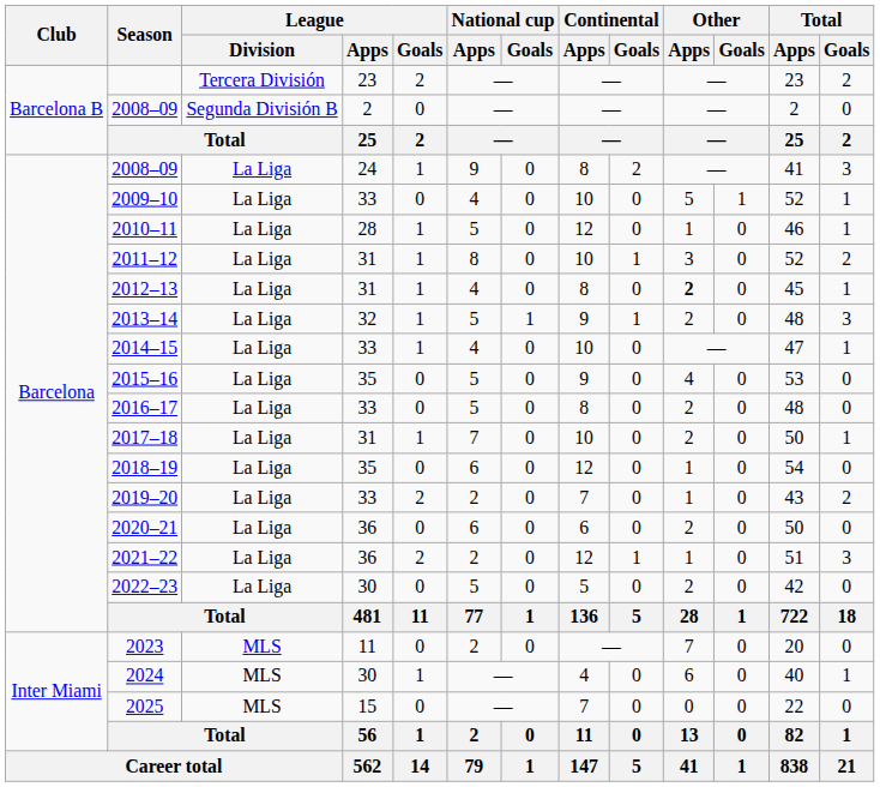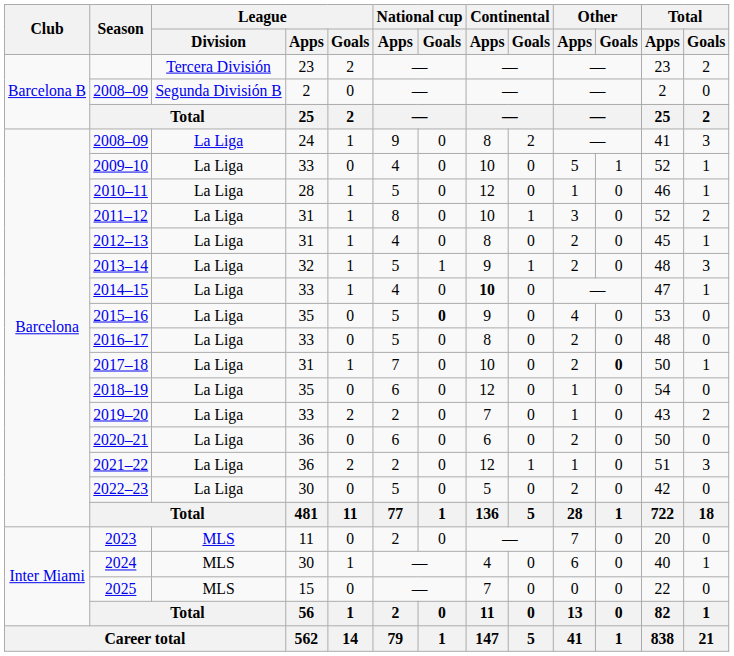 <table class=wikitable style=text-align:center>
 <tr>
 <th rowspan=2>Club</th>
 <th rowspan=2>Season</th>
 <th colspan=3>League</th>
 <th colspan=2>National cup</th>
 <th colspan=2>Continental</th>
 <th colspan=2>Other</th>
 <th colspan=2>Total</th>
 </tr>
 <tr>
 <th>Division</th>
 <th>Apps</th>
 <th>Goals</th>
 <th>Apps</th>
 <th>Goals</th>
 <th>Apps</th>
 <th>Goals</th>
 <th>Apps</th>
 <th>Goals</th>
 <th>Apps</th>
 <th>Goals</th>
 </tr>
 <tr>
 <td rowspan=3><a href='#'>Barcelona B</a></td>
 <td></td>
 <td><a href='#'>Tercera División</a></td>
 <td>23</td>
 <td>2</td>
 <td colspan=2>—</td>
 <td colspan=2>—</td>
 <td colspan=2>—</td>
 <td>23</td>
 <td>2</td>
 </tr>
 <tr>
 <td><a href='#'>2008–09</a></td>
 <td><a href='#'>Segunda División B</a></td>
 <td>2</td>
 <td>0</td>
 <td colspan=2>—</td>
 <td colspan=2>—</td>
 <td colspan=2>—</td>
 <td>2</td>
 <td>0</td>
 </tr>
 <tr>
 <th colspan=2>Total</th>
 <th>25</th>
 <th>2</th>
 <th colspan=2>—</th>
 <th colspan=2>—</th>
 <th colspan=2>—</th>
 <th>25</th>
 <th>2</th>
 </tr>
 <tr>
 <td rowspan=16><a href='#'>Barcelona</a></td>
 <td><a href='#'>2008–09</a></td>
 <td><a href='#'>La Liga</a></td>
 <td>24</td>
 <td>1</td>
 <td>9</td>
 <td>0</td>
 <td>8</td>
 <td>2</td>
 <td colspan=2>—</td>
 <td>41</td>
 <td>3</td>
 </tr>
 <tr>
 <td><a href='#'>2009–10</a></td>
 <td>La Liga</td>
 <td>33</td>
 <td>0</td>
 <td>4</td>
 <td>0</td>
 <td>10</td>
 <td>0</td>
 <td>5</td>
 <td>1</td>
 <td>52</td>
 <td>1</td>
 </tr>
 <tr>
 <td><a href='#'>2010–11</a></td>
 <td>La Liga</td>
 <td>28</td>
 <td>1</td>
 <td>5</td>
 <td>0</td>
 <td>12</td>
 <td>0</td>
 <td>1</td>
 <td>0</td>
 <td>46</td>
 <td>1</td>
 </tr>
 <tr>
 <td><a href='#'>2011–12</a></td>
 <td>La Liga</td>
 <td>31</td>
 <td>1</td>
 <td>8</td>
 <td>0</td>
 <td>10</td>
 <td>1</td>
 <td>3</td>
 <td>0</td>
 <td>52</td>
 <td>2</td>
 </tr>
 <tr>
 <td><a href='#'>2012–13</a></td>
 <td>La Liga</td>
 <td>31</td>
 <td>1</td>
 <td>4</td>
 <td>0</td>
 <td>8</td>
 <td>0</td>
-<td><strong>2</strong></td>
+<td>2</td>
 <td>0</td>
 <td>45</td>
 <td>1</td>
 </tr>
 <tr>
 <td><a href='#'>2013–14</a></td>
 <td>La Liga</td>
 <td>32</td>
 <td>1</td>
 <td>5</td>
 <td>1</td>
 <td>9</td>
 <td>1</td>
 <td>2</td>
 <td>0</td>
 <td>48</td>
 <td>3</td>
 </tr>
 <tr>
 <td><a href='#'>2014–15</a></td>
 <td>La Liga</td>
 <td>33</td>
 <td>1</td>
 <td>4</td>
 <td>0</td>
-<td>10</td>
+<td><strong>10</strong></td>
 <td>0</td>
 <td colspan=2>—</td>
 <td>47</td>
 <td>1</td>
 </tr>
 <tr>
 <td><a href='#'>2015–16</a></td>
 <td>La Liga</td>
 <td>35</td>
 <td>0</td>
 <td>5</td>
-<td>0</td>
+<td><strong>0</strong></td>
 <td>9</td>
 <td>0</td>
 <td>4</td>
 <td>0</td>
 <td>53</td>
 <td>0</td>
 </tr>
 <tr>
 <td><a href='#'>2016–17</a></td>
 <td>La Liga</td>
 <td>33</td>
 <td>0</td>
 <td>5</td>
 <td>0</td>
 <td>8</td>
 <td>0</td>
 <td>2</td>
 <td>0</td>
 <td>48</td>
 <td>0</td>
 </tr>
 <tr>
 <td><a href='#'>2017–18</a></td>
 <td>La Liga</td>
 <td>31</td>
 <td>1</td>
 <td>7</td>
 <td>0</td>
 <td>10</td>
 <td>0</td>
 <td>2</td>
-<td>0</td>
+<td><strong>0</strong></td>
 <td>50</td>
 <td>1</td>
 </tr>
 <tr>
 <td><a href='#'>2018–19</a></td>
 <td>La Liga</td>
 <td>35</td>
 <td>0</td>
 <td>6</td>
 <td>0</td>
 <td>12</td>
 <td>0</td>
 <td>1</td>
 <td>0</td>
 <td>54</td>
 <td>0</td>
 </tr>
 <tr>
 <td><a href='#'>2019–20</a></td>
 <td>La Liga</td>
 <td>33</td>
 <td>2</td>
 <td>2</td>
 <td>0</td>
 <td>7</td>
 <td>0</td>
 <td>1</td>
 <td>0</td>
 <td>43</td>
 <td>2</td>
 </tr>
 <tr>
 <td><a href='#'>2020–21</a></td>
 <td>La Liga</td>
 <td>36</td>
 <td>0</td>
 <td>6</td>
 <td>0</td>
 <td>6</td>
 <td>0</td>
 <td>2</td>
 <td>0</td>
 <td>50</td>
 <td>0</td>
 </tr>
 <tr>
 <td><a href='#'>2021–22</a></td>
 <td>La Liga</td>
 <td>36</td>
 <td>2</td>
 <td>2</td>
 <td>0</td>
 <td>12</td>
 <td>1</td>
 <td>1</td>
 <td>0</td>
 <td>51</td>
 <td>3</td>
 </tr>
 <tr>
 <td><a href='#'>2022–23</a></td>
 <td>La Liga</td>
 <td>30</td>
 <td>0</td>
 <td>5</td>
 <td>0</td>
 <td>5</td>
 <td>0</td>
 <td>2</td>
 <td>0</td>
 <td>42</td>
 <td>0</td>
 </tr>
 <tr>
 <th colspan=2>Total</th>
 <th>481</th>
 <th>11</th>
 <th>77</th>
 <th>1</th>
 <th>136</th>
 <th>5</th>
 <th>28</th>
 <th>1</th>
 <th>722</th>
 <th>18</th>
 </tr>
 <tr>
 <td rowspan=4><a href='#'>Inter Miami</a></td>
 <td><a href='#'>2023</a></td>
 <td><a href='#'>MLS</a></td>
 <td>11</td>
 <td>0</td>
 <td>2</td>
 <td>0</td>
 <td colspan=2>—</td>
 <td>7</td>
 <td>0</td>
 <td>20</td>
 <td>0</td>
 </tr>
 <tr>
 <td><a href='#'>2024</a></td>
 <td>MLS</td>
 <td>30</td>
 <td>1</td>
 <td colspan=2>—</td>
 <td>4</td>
 <td>0</td>
 <td>6</td>
 <td>0</td>
 <td>40</td>
 <td>1</td>
 </tr>
 <tr>
 <td><a href='#'>2025</a></td>
 <td>MLS</td>
 <td>15</td>
 <td>0</td>
 <td colspan=2>—</td>
 <td>7</td>
 <td>0</td>
 <td>0</td>
 <td>0</td>
 <td>22</td>
 <td>0</td>
 </tr>
 <tr>
 <th colspan=2>Total</th>
 <th>56</th>
 <th>1</th>
 <th>2</th>
 <th>0</th>
 <th>11</th>
 <th>0</th>
 <th>13</th>
 <th>0</th>
 <th>82</th>
 <th>1</th>
 </tr>
 <tr>
 <th colspan=3>Career total</th>
 <th>562</th>
 <th>14</th>
 <th>79</th>
 <th>1</th>
 <th>147</th>
 <th>5</th>
 <th>41</th>
 <th>1</th>
 <th>838</th>
 <th>21</th>
 </tr>
 </table>
